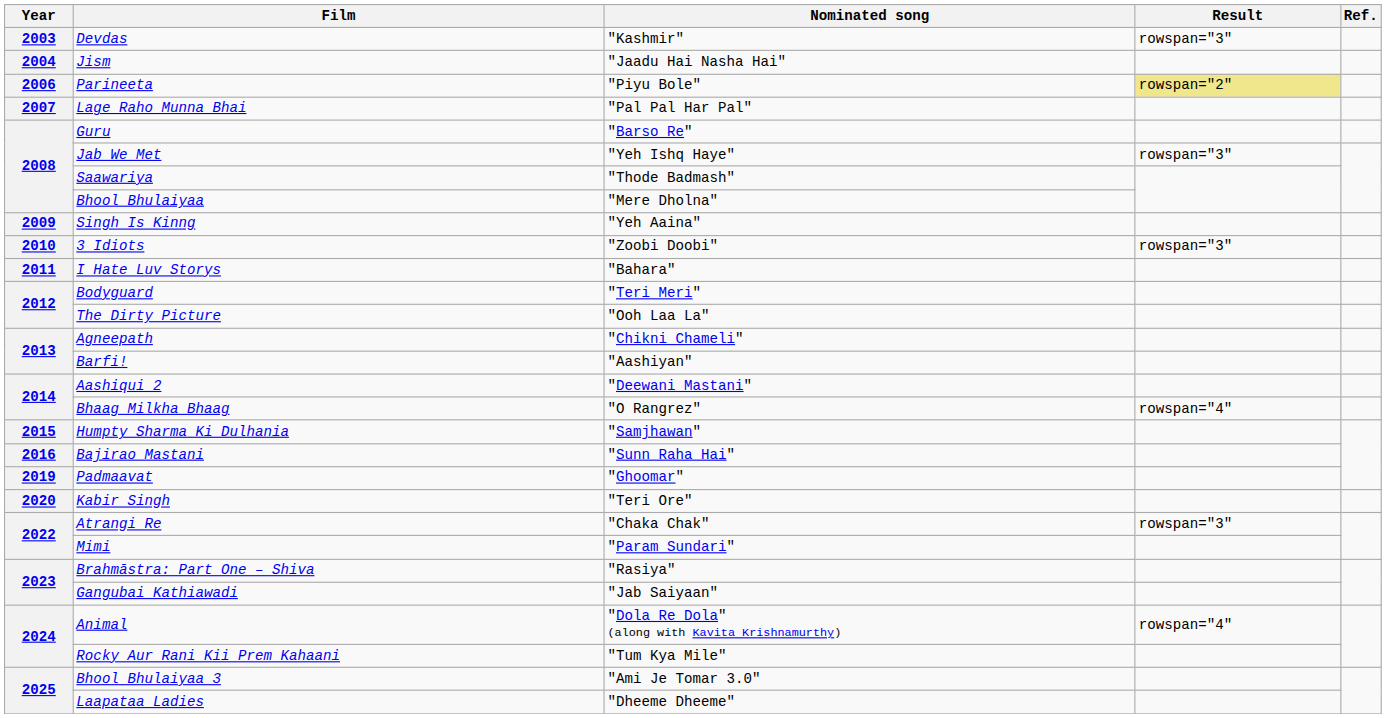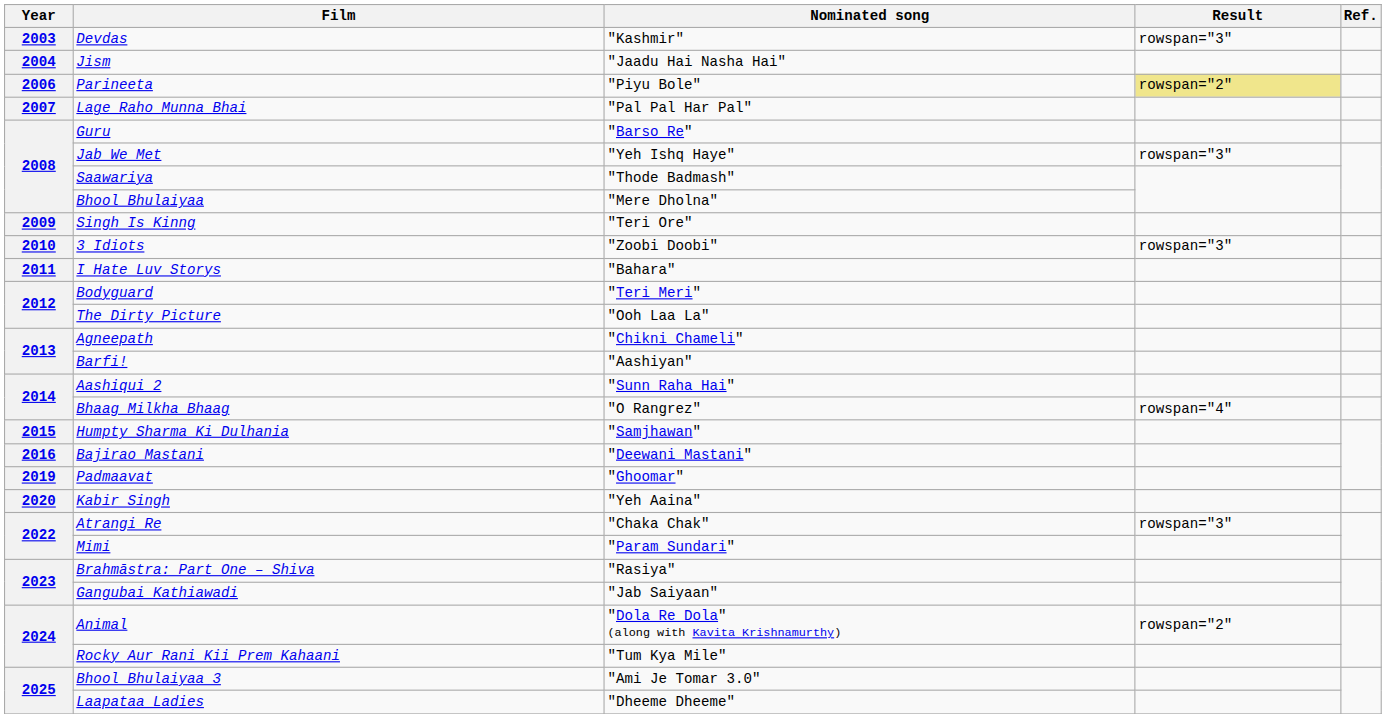 <table class="wikitable plainrowheaders" width="100%" textcolor:#000;">
 <tr>
 <th scope="col" width=5%><strong>Year</strong></th>
 <th scope="col" width=39%><strong>Film</strong></th>
 <th scope="col" width=39%><strong>Nominated song</strong></th>
 <th scope="col" width=15%><strong>Result</strong></th>
 <th scope="col" width=2%><strong>Ref.</strong></th>
 </tr>
 <tr>
 <th scope="row"><a href='#'>2003</a></th>
 <td><em><a href='#'>Devdas</a></em></td>
 <td>"Kashmir"</td>
 <td>rowspan="3" </td>
 <td></td>
 </tr>
 <tr>
 <th scope="row"><a href='#'>2004</a></th>
 <td><em><a href='#'>Jism</a></em></td>
 <td>"Jaadu Hai Nasha Hai"</td>
 <td></td>
 </tr>
 <tr>
 <th scope="row"><a href='#'>2006</a></th>
 <td><em><a href='#'>Parineeta</a></em></td>
 <td>"Piyu Bole"</td>
 <td style="background: khaki;">rowspan="2" </td>
 <td></td>
 </tr>
 <tr>
 <th scope="row"><a href='#'>2007</a></th>
 <td><em><a href='#'>Lage Raho Munna Bhai</a></em></td>
 <td>"Pal Pal Har Pal"</td>
 <td></td>
 </tr>
 <tr>
 <th scope="row" rowspan="4"><a href='#'>2008</a></th>
 <td><em><a href='#'>Guru</a></em></td>
 <td>"<a href='#'>Barso Re</a>"</td>
 <td></td>
 <td></td>
 </tr>
 <tr>
 <td><em><a href='#'>Jab We Met</a></em></td>
 <td>"Yeh Ishq Haye"</td>
 <td>rowspan="3" </td>
 <td rowspan="3"></td>
 </tr>
 <tr>
 <td><em><a href='#'>Saawariya</a></em></td>
 <td>"Thode Badmash"</td>
 </tr>
 <tr>
 <td><em><a href='#'>Bhool Bhulaiyaa</a></em></td>
 <td>"Mere Dholna"</td>
 </tr>
 <tr>
 <th scope="row"><a href='#'>2009</a></th>
 <td><em><a href='#'>Singh Is Kinng</a></em></td>
-<td>"Yeh Aaina"</td>
+<td>"Teri Ore"</td>
 <td></td>
 <td></td>
 </tr>
 <tr>
 <th scope="row"><a href='#'>2010</a></th>
 <td><em><a href='#'>3 Idiots</a></em></td>
 <td>"Zoobi Doobi"</td>
 <td>rowspan="3" </td>
 <td></td>
 </tr>
 <tr>
 <th scope="row"><a href='#'>2011</a></th>
 <td><em><a href='#'>I Hate Luv Storys</a></em></td>
 <td>"Bahara"</td>
 <td></td>
 </tr>
 <tr>
 <th scope="row" rowspan="2"><a href='#'>2012</a></th>
 <td><em><a href='#'>Bodyguard</a></em></td>
 <td>"<a href='#'>Teri Meri</a>"</td>
 <td></td>
 <td></td>
 </tr>
 <tr>
 <td><em><a href='#'>The Dirty Picture</a></em></td>
 <td>"Ooh Laa La"</td>
 <td></td>
 <td></td>
 </tr>
 <tr>
 <th scope="row" rowspan="2"><a href='#'>2013</a></th>
 <td><em><a href='#'>Agneepath</a></em></td>
 <td>"<a href='#'>Chikni Chameli</a>"</td>
 <td></td>
 <td></td>
 </tr>
 <tr>
 <td><em><a href='#'>Barfi!</a></em></td>
 <td>"Aashiyan"</td>
 <td></td>
 <td></td>
 </tr>
 <tr>
 <th scope="row" rowspan="2"><a href='#'>2014</a></th>
 <td><em><a href='#'>Aashiqui 2</a></em></td>
-<td>"<a href='#'>Deewani Mastani</a>"</td>
+<td>"<a href='#'>Sunn Raha Hai</a>"</td>
 <td></td>
 <td></td>
 </tr>
 <tr>
 <td><em><a href='#'>Bhaag Milkha Bhaag</a></em></td>
 <td>"O Rangrez"</td>
 <td>rowspan="4" </td>
 <td></td>
 </tr>
 <tr>
 <th scope="row"><a href='#'>2015</a></th>
 <td><em><a href='#'>Humpty Sharma Ki Dulhania</a></em></td>
 <td>"<a href='#'>Samjhawan</a>"</td>
 <td></td>
 </tr>
 <tr>
 <th scope="row"><a href='#'>2016</a></th>
 <td><em><a href='#'>Bajirao Mastani</a></em></td>
-<td>"<a href='#'>Sunn Raha Hai</a>"</td>
+<td>"<a href='#'>Deewani Mastani</a>"</td>
 <td></td>
 </tr>
 <tr>
 <th scope="row"><a href='#'>2019</a></th>
 <td><em><a href='#'>Padmaavat</a></em></td>
 <td>"<a href='#'>Ghoomar</a>"</td>
 <td></td>
 </tr>
 <tr>
 <th scope="row"><a href='#'>2020</a></th>
 <td><em><a href='#'>Kabir Singh</a></em></td>
-<td>"Teri Ore"</td>
+<td>"Yeh Aaina"</td>
 <td></td>
 <td></td>
 </tr>
 <tr>
 <th scope="row" rowspan="2"><a href='#'>2022</a></th>
 <td><em><a href='#'>Atrangi Re</a></em></td>
 <td>"Chaka Chak"</td>
 <td>rowspan="3" </td>
 <td rowspan="2"></td>
 </tr>
 <tr>
 <td><a href='#'><em>Mimi</em></a></td>
 <td>"<a href='#'>Param Sundari</a>"</td>
 </tr>
 <tr>
 <th scope="row" rowspan="2"><a href='#'>2023</a></th>
 <td><em><a href='#'>Brahmāstra: Part One – Shiva</a></em></td>
 <td>"Rasiya"</td>
 <td></td>
 <td rowspan="2"></td>
 </tr>
 <tr>
 <td><em><a href='#'>Gangubai Kathiawadi</a></em></td>
 <td>"Jab Saiyaan"</td>
 <td></td>
 </tr>
 <tr>
 <th scope="row" rowspan="2"><a href='#'>2024</a></th>
 <td><em><a href='#'>Animal</a></em></td>
 <td>"<a href='#'>Dola Re Dola</a>"<br><small>(along with <a href='#'>Kavita Krishnamurthy</a>)</small></td>
-<td>rowspan="4" </td>
+<td>rowspan="2" </td>
 <td rowspan="2"></td>
 </tr>
 <tr>
 <td><em><a href='#'>Rocky Aur Rani Kii Prem Kahaani</a></em></td>
 <td>"Tum Kya Mile"</td>
 </tr>
 <tr>
 <th scope="row" rowspan="2"><a href='#'>2025</a></th>
 <td><em><a href='#'>Bhool Bhulaiyaa 3</a></em></td>
 <td>"Ami Je Tomar 3.0"</td>
 <td></td>
 <td rowspan="2"></td>
 </tr>
 <tr>
 <td><em><a href='#'>Laapataa Ladies</a></em></td>
 <td>"Dheeme Dheeme"</td>
 <td></td>
 </tr>
 <tr>
 </tr>
 </table>
